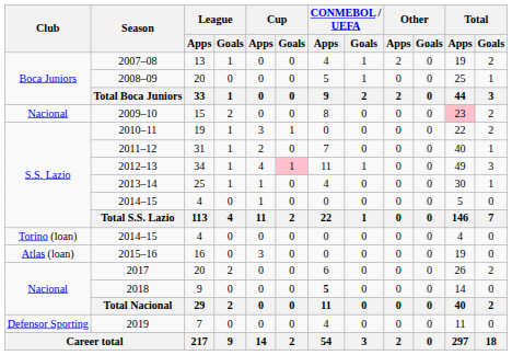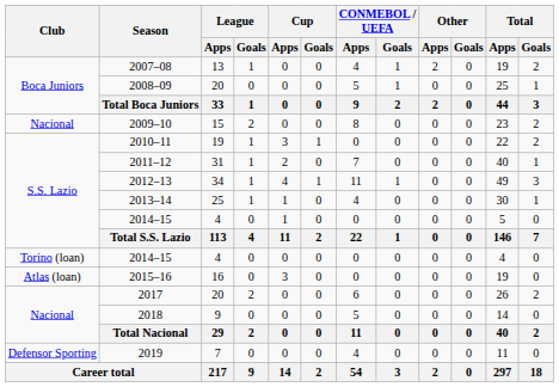 <table class="wikitable" style="text-align: center;">
 <tr>
 <th rowspan="2">Club</th>
 <th rowspan="2">Season</th>
 <th colspan="2">League</th>
 <th colspan="2">Cup</th>
 <th colspan="2"><a href='#'>CONMEBOL</a> /<br><a href='#'>UEFA</a></th>
 <th colspan="2">Other</th>
 <th colspan="2">Total</th>
 </tr>
 <tr>
 <th>Apps</th>
 <th>Goals</th>
 <th>Apps</th>
 <th>Goals</th>
 <th>Apps</th>
 <th>Goals</th>
 <th>Apps</th>
 <th>Goals</th>
 <th>Apps</th>
 <th>Goals</th>
 </tr>
 <tr>
 <td rowspan="3"><a href='#'>Boca Juniors</a></td>
 <td>2007–08</td>
 <td>13</td>
 <td>1</td>
 <td>0</td>
 <td>0</td>
 <td>4</td>
 <td>1</td>
 <td>2</td>
 <td>0</td>
 <td>19</td>
 <td>2</td>
 </tr>
 <tr>
 <td>2008–09</td>
 <td>20</td>
 <td>0</td>
 <td>0</td>
 <td>0</td>
 <td>5</td>
 <td>1</td>
 <td>0</td>
 <td>0</td>
 <td>25</td>
 <td>1</td>
 </tr>
 <tr>
 <th>Total Boca Juniors</th>
 <th>33</th>
 <th>1</th>
 <th>0</th>
 <th>0</th>
 <th>9</th>
 <th>2</th>
 <th>2</th>
 <th>0</th>
 <th>44</th>
 <th>3</th>
 </tr>
 <tr>
 <td><a href='#'>Nacional</a></td>
 <td>2009–10</td>
 <td>15</td>
 <td>2</td>
 <td>0</td>
 <td>0</td>
 <td>8</td>
 <td>0</td>
 <td>0</td>
 <td>0</td>
-<td style="background: pink;">23</td>
+<td>23</td>
 <td>2</td>
 </tr>
 <tr>
 <td rowspan="6"><a href='#'>S.S. Lazio</a></td>
 <td>2010–11</td>
 <td>19</td>
 <td>1</td>
 <td>3</td>
 <td>1</td>
 <td>0</td>
 <td>0</td>
 <td>0</td>
 <td>0</td>
 <td>22</td>
 <td>2</td>
 </tr>
 <tr>
 <td>2011–12</td>
 <td>31</td>
 <td>1</td>
 <td>2</td>
 <td>0</td>
 <td>7</td>
 <td>0</td>
 <td>0</td>
 <td>0</td>
 <td>40</td>
 <td>1</td>
 </tr>
 <tr>
 <td>2012–13</td>
 <td>34</td>
 <td>1</td>
 <td>4</td>
-<td style="background: pink;">1</td>
+<td>1</td>
 <td>11</td>
 <td>1</td>
 <td>0</td>
 <td>0</td>
 <td>49</td>
 <td>3</td>
 </tr>
 <tr>
 <td>2013–14</td>
 <td>25</td>
 <td>1</td>
 <td>1</td>
 <td>0</td>
 <td>4</td>
 <td>0</td>
 <td>0</td>
 <td>0</td>
 <td>30</td>
 <td>1</td>
 </tr>
 <tr>
 <td>2014–15</td>
 <td>4</td>
 <td>0</td>
 <td>1</td>
 <td>0</td>
 <td>0</td>
 <td>0</td>
 <td>0</td>
 <td>0</td>
 <td>5</td>
 <td>0</td>
 </tr>
 <tr>
 <th>Total S.S. Lazio</th>
 <th>113</th>
 <th>4</th>
 <th>11</th>
 <th>2</th>
 <th>22</th>
 <th>1</th>
 <th>0</th>
 <th>0</th>
 <th>146</th>
 <th>7</th>
 </tr>
 <tr>
 <td><a href='#'>Torino</a> (loan)</td>
 <td>2014–15</td>
 <td>4</td>
 <td>0</td>
 <td>0</td>
 <td>0</td>
 <td>0</td>
 <td>0</td>
 <td>0</td>
 <td>0</td>
 <td>4</td>
 <td>0</td>
 </tr>
 <tr>
 <td><a href='#'>Atlas</a> (loan)</td>
 <td>2015–16</td>
 <td>16</td>
 <td>0</td>
 <td>3</td>
 <td>0</td>
 <td>0</td>
 <td>0</td>
 <td>0</td>
 <td>0</td>
 <td>19</td>
 <td>0</td>
 </tr>
 <tr>
 <td rowspan=3><a href='#'>Nacional</a></td>
 <td>2017</td>
 <td>20</td>
 <td>2</td>
 <td>0</td>
 <td>0</td>
 <td>6</td>
 <td>0</td>
 <td>0</td>
 <td>0</td>
 <td>26</td>
 <td>2</td>
 </tr>
 <tr>
 <td>2018</td>
 <td>9</td>
 <td>0</td>
 <td>0</td>
 <td>0</td>
-<td><strong>5</strong></td>
+<td>5</td>
 <td>0</td>
 <td>0</td>
 <td>0</td>
 <td>14</td>
 <td>0</td>
 </tr>
 <tr>
 <th>Total Nacional</th>
 <th>29</th>
 <th>2</th>
 <th>0</th>
 <th>0</th>
 <th>11</th>
 <th>0</th>
 <th>0</th>
 <th>0</th>
 <th>40</th>
 <th>2</th>
 </tr>
 <tr>
 <td rowspan=1><a href='#'>Defensor Sporting</a></td>
 <td>2019</td>
 <td>7</td>
 <td>0</td>
 <td>0</td>
 <td>0</td>
 <td>4</td>
 <td>0</td>
 <td>0</td>
 <td>0</td>
 <td>11</td>
 <td>0</td>
 </tr>
 <tr>
 <th colspan="2">Career total</th>
 <th>217</th>
 <th>9</th>
 <th>14</th>
 <th>2</th>
 <th>54</th>
 <th>3</th>
 <th>2</th>
 <th>0</th>
 <th>297</th>
 <th>18</th>
 </tr>
 </table>
